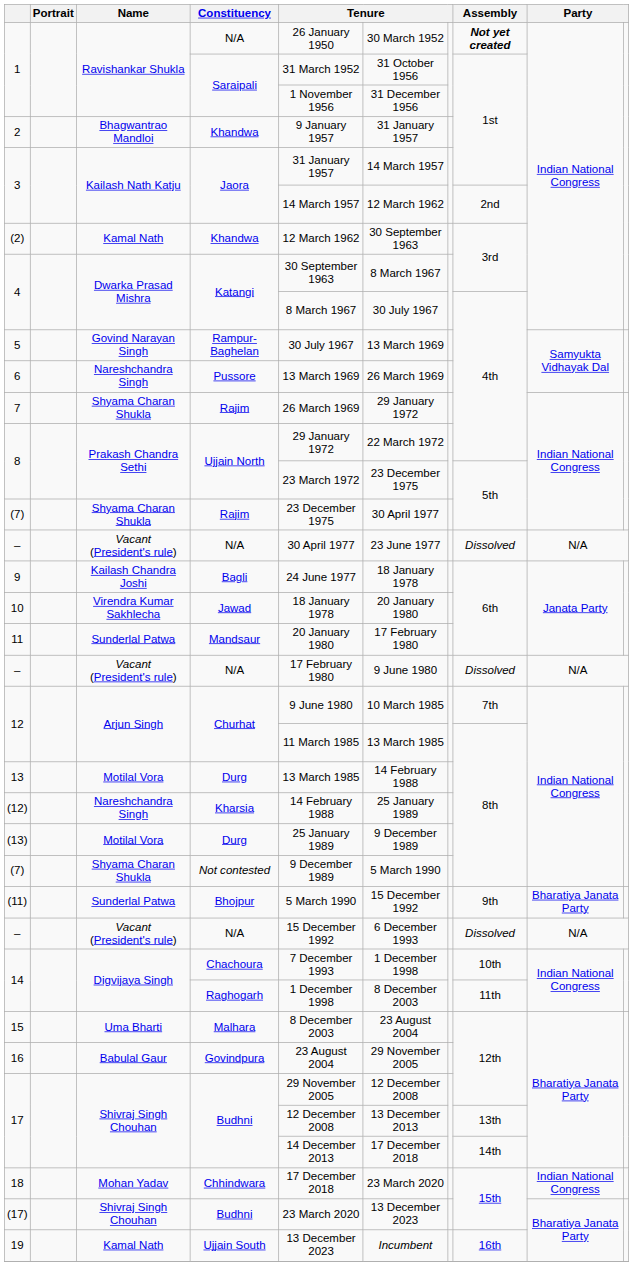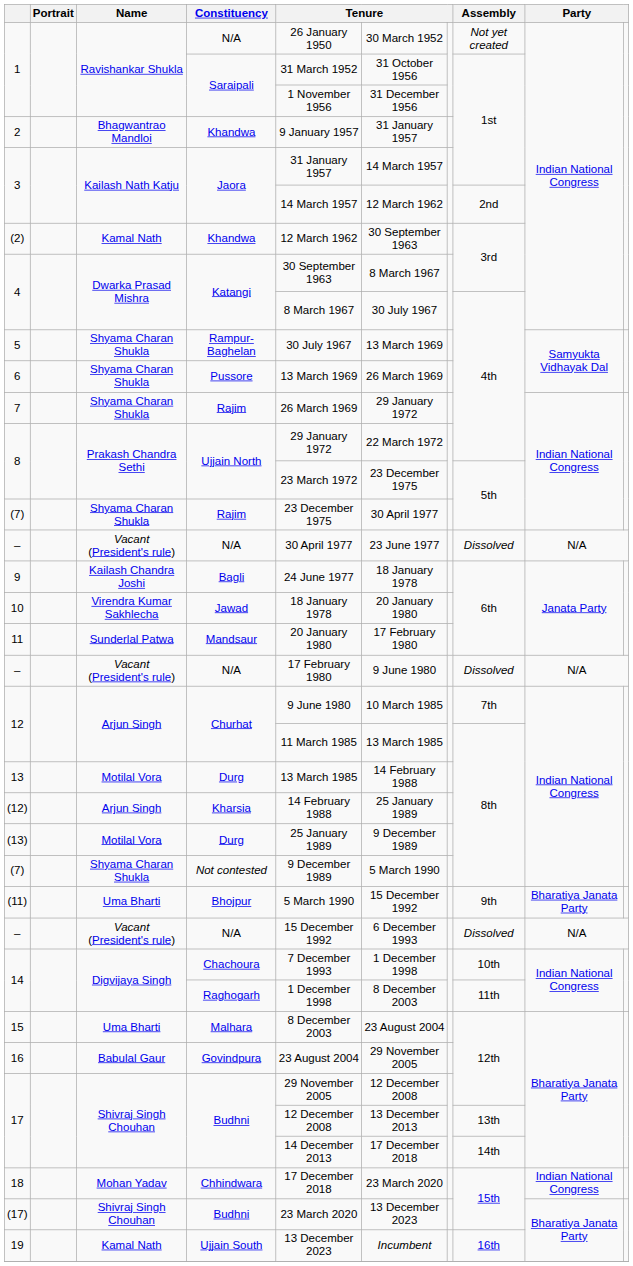 <table class="wikitable" style="text-align:center">
 <tr>
 <th></th>
 <th>Portrait</th>
 <th>Name</th>
 <th><a href='#'>Constituency</a></th>
 <th colspan="3">Tenure</th>
 <th [Madhya Pradesh Legislative Assembly>Assembly<br></th>
 <th colspan="2">Party</th>
 </tr>
 <tr>
 <td rowspan="3">1</td>
 <td rowspan="3"></td>
 <td rowspan="3"><a href='#'>Ravishankar Shukla</a></td>
 <td>N/A</td>
 <td>26 January 1950</td>
 <td>30 March 1952</td>
 <td rowspan="3"></td>
-<td><strong><em>Not yet created</em></strong></td>
+<td><em>Not yet created</em></td>
 <td rowspan="9"><a href='#'>Indian National Congress</a></td>
 <td rowspan="9" style="background-color: "></td>
 </tr>
 <tr>
 <td rowspan="2"><a href='#'>Saraipali</a></td>
 <td>31 March 1952</td>
 <td>31 October 1956</td>
 <td rowspan="4">1st<br></td>
 </tr>
 <tr>
 <td>1 November 1956</td>
 <td>31 December 1956</td>
 </tr>
 <tr>
 <td>2</td>
 <td align=center></td>
 <td><a href='#'>Bhagwantrao Mandloi</a></td>
 <td><a href='#'>Khandwa</a></td>
 <td>9 January 1957</td>
 <td>31 January 1957</td>
 <td></td>
 </tr>
 <tr>
 <td rowspan="2" scope="rowgroup">3</td>
 <td rowspan="2"></td>
 <td rowspan="2"><a href='#'>Kailash Nath Katju</a></td>
 <td rowspan="2"><a href='#'>Jaora</a></td>
 <td style="height: 45px;">31 January 1957</td>
 <td>14 March 1957</td>
 <td rowspan="2"></td>
 </tr>
 <tr>
 <td style="height: 45px;">14 March 1957</td>
 <td>12 March 1962</td>
 <td>2nd<br></td>
 </tr>
 <tr>
 <td>(2)</td>
 <td align=center></td>
 <td><a href='#'>Kamal Nath</a></td>
 <td><a href='#'>Khandwa</a></td>
 <td>12 March 1962</td>
 <td>30 September 1963</td>
 <td></td>
 <td rowspan="2">3rd<br></td>
 </tr>
 <tr>
 <td rowspan="2" scope="rowgroup">4</td>
 <td rowspan="2"></td>
 <td rowspan="2"><a href='#'>Dwarka Prasad Mishra</a></td>
 <td rowspan="2"><a href='#'>Katangi</a></td>
 <td style="height: 45px;">30 September 1963</td>
 <td>8 March 1967</td>
 <td rowspan="2"></td>
 </tr>
 <tr>
 <td style="height: 45px;">8 March 1967</td>
 <td>30 July 1967</td>
 <td rowspan="5">4th<br></td>
 </tr>
 <tr>
 <td>5</td>
 <td align=center></td>
-<td><a href='#'>Govind Narayan Singh</a></td>
+<td><a href='#'>Shyama Charan Shukla</a></td>
 <td><a href='#'>Rampur-Baghelan</a></td>
 <td>30 July 1967</td>
 <td>13 March 1969</td>
 <td></td>
 <td rowspan="2"><a href='#'>Samyukta Vidhayak Dal</a></td>
 <td rowspan="2" style="background-color: "></td>
 </tr>
 <tr>
 <td>6</td>
 <td align=center></td>
-<td><a href='#'>Nareshchandra Singh</a></td>
+<td><a href='#'>Shyama Charan Shukla</a></td>
 <td><a href='#'>Pussore</a></td>
 <td>13 March 1969</td>
 <td>26 March 1969</td>
 <td></td>
 </tr>
 <tr>
 <td>7</td>
 <td></td>
 <td><a href='#'>Shyama Charan Shukla</a></td>
 <td><a href='#'>Rajim</a></td>
 <td>26 March 1969</td>
 <td>29 January 1972</td>
 <td></td>
 <td rowspan="4"><a href='#'>Indian National Congress</a></td>
 <td rowspan="4" style="background-color: "></td>
 </tr>
 <tr>
 <td rowspan="2" scope="rowgroup">8</td>
 <td rowspan="2" align=center></td>
 <td rowspan="2"><a href='#'>Prakash Chandra Sethi</a></td>
 <td rowspan="2"><a href='#'>Ujjain North</a></td>
 <td style="height: 45px;">29 January 1972</td>
 <td>22 March 1972</td>
 <td rowspan="2"></td>
 </tr>
 <tr>
 <td style="height: 45px;">23 March 1972</td>
 <td>23 December 1975</td>
 <td rowspan="2">5th<br></td>
 </tr>
 <tr>
 <td>(7)</td>
 <td></td>
 <td><a href='#'>Shyama Charan Shukla</a></td>
 <td><a href='#'>Rajim</a></td>
 <td>23 December 1975</td>
 <td>30 April 1977</td>
 <td></td>
 </tr>
 <tr>
 <td>–</td>
 <td></td>
 <td><em>Vacant</em><br>(<a href='#'>President's rule</a>)</td>
 <td>N/A</td>
 <td>30 April 1977</td>
 <td>23 June 1977</td>
 <td></td>
 <td><em>Dissolved</em></td>
 <td colspan="2">N/A</td>
 </tr>
 <tr>
 <td>9</td>
 <td></td>
 <td><a href='#'>Kailash Chandra Joshi</a></td>
 <td><a href='#'>Bagli</a></td>
 <td>24 June 1977</td>
 <td>18 January 1978</td>
 <td></td>
 <td rowspan="3">6th<br></td>
 <td rowspan="3"><a href='#'>Janata Party</a></td>
 <td rowspan="3" style="background-color: "></td>
 </tr>
 <tr>
 <td>10</td>
 <td align=center></td>
 <td><a href='#'>Virendra Kumar Sakhlecha</a></td>
 <td><a href='#'>Jawad</a></td>
 <td>18 January 1978</td>
 <td>20 January 1980</td>
 <td></td>
 </tr>
 <tr>
 <td>11</td>
 <td></td>
 <td><a href='#'>Sunderlal Patwa</a></td>
 <td><a href='#'>Mandsaur</a></td>
 <td>20 January 1980</td>
 <td>17 February 1980</td>
 <td></td>
 </tr>
 <tr>
 <td>–</td>
 <td></td>
 <td><em>Vacant</em><br>(<a href='#'>President's rule</a>)</td>
 <td>N/A</td>
 <td>17 February 1980</td>
 <td>9 June 1980</td>
 <td></td>
 <td><em>Dissolved</em></td>
 <td colspan="2">N/A</td>
 </tr>
 <tr>
 <td rowspan="2">12</td>
 <td rowspan="2"></td>
 <td rowspan="2"><a href='#'>Arjun Singh</a></td>
 <td rowspan="2"><a href='#'>Churhat</a></td>
 <td style="height: 45px;">9 June 1980</td>
 <td>10 March 1985</td>
 <td rowspan="2"></td>
 <td>7th<br></td>
 <td rowspan="6"><a href='#'>Indian National Congress</a></td>
 <td rowspan="6" style="background-color: "></td>
 </tr>
 <tr>
 <td style="height: 45px;">11 March 1985</td>
 <td>13 March 1985</td>
 <td rowspan="5">8th<br></td>
 </tr>
 <tr>
 <td>13</td>
 <td></td>
 <td><a href='#'>Motilal Vora</a></td>
 <td><a href='#'>Durg</a></td>
 <td>13 March 1985</td>
 <td>14 February 1988</td>
 <td></td>
 </tr>
 <tr>
 <td>(12)</td>
 <td></td>
-<td><a href='#'>Nareshchandra Singh</a></td>
+<td><a href='#'>Arjun Singh</a></td>
 <td><a href='#'>Kharsia</a></td>
 <td>14 February 1988</td>
 <td>25 January 1989</td>
 <td></td>
 </tr>
 <tr>
 <td>(13)</td>
 <td></td>
 <td><a href='#'>Motilal Vora</a></td>
 <td><a href='#'>Durg</a></td>
 <td>25 January 1989</td>
 <td>9 December 1989</td>
 <td></td>
 </tr>
 <tr>
 <td>(7)</td>
 <td></td>
 <td><a href='#'>Shyama Charan Shukla</a></td>
 <td><em>Not contested</em></td>
 <td>9 December 1989</td>
 <td>5 March 1990</td>
 <td></td>
 </tr>
 <tr>
 <td>(11)</td>
 <td align=center></td>
-<td><a href='#'>Sunderlal Patwa</a></td>
+<td><a href='#'>Uma Bharti</a></td>
 <td><a href='#'>Bhojpur</a></td>
 <td>5 March 1990</td>
 <td>15 December 1992</td>
 <td></td>
 <td>9th<br></td>
 <td><a href='#'>Bharatiya Janata Party</a></td>
 <td style="background-color: "></td>
 </tr>
 <tr>
 <td>–</td>
 <td></td>
 <td><em>Vacant</em><br>(<a href='#'>President's rule</a>)</td>
 <td>N/A</td>
 <td>15 December 1992</td>
 <td>6 December 1993</td>
 <td></td>
 <td><em>Dissolved</em></td>
 <td colspan="2">N/A</td>
 </tr>
 <tr>
 <td rowspan="2">14</td>
 <td rowspan="2"></td>
 <td rowspan="2"><a href='#'>Digvijaya Singh</a></td>
 <td><a href='#'>Chachoura</a></td>
 <td>7 December 1993</td>
 <td>1 December 1998</td>
 <td rowspan="2"></td>
 <td>10th<br></td>
 <td rowspan="2"><a href='#'>Indian National Congress</a></td>
 <td rowspan="2" style="background-color: "></td>
 </tr>
 <tr>
 <td><a href='#'>Raghogarh</a></td>
 <td>1 December 1998</td>
 <td>8 December 2003</td>
 <td>11th<br></td>
 </tr>
 <tr>
 <td>15</td>
 <td></td>
 <td><a href='#'>Uma Bharti</a></td>
 <td><a href='#'>Malhara</a></td>
 <td>8 December 2003</td>
 <td>23 August 2004</td>
 <td></td>
 <td rowspan="3">12th<br></td>
 <td rowspan="5"><a href='#'>Bharatiya Janata Party</a></td>
 <td rowspan="5" style="background-color: "></td>
 </tr>
 <tr>
 <td>16</td>
 <td></td>
 <td><a href='#'>Babulal Gaur</a></td>
 <td><a href='#'>Govindpura</a></td>
 <td>23 August 2004</td>
 <td>29 November 2005</td>
 <td></td>
 </tr>
 <tr>
 <td rowspan="3">17</td>
 <td rowspan="3"></td>
 <td rowspan="3"><a href='#'>Shivraj Singh Chouhan</a></td>
 <td rowspan="3"><a href='#'>Budhni</a></td>
 <td>29 November 2005</td>
 <td>12 December 2008</td>
 <td rowspan="3"></td>
 </tr>
 <tr>
 <td>12 December 2008</td>
 <td>13 December 2013</td>
 <td>13th<br></td>
 </tr>
 <tr>
 <td>14 December 2013</td>
 <td>17 December 2018</td>
 <td>14th<br></td>
 </tr>
 <tr>
 <td>18</td>
 <td></td>
 <td><a href='#'>Mohan Yadav</a></td>
 <td><a href='#'>Chhindwara</a></td>
 <td>17 December 2018</td>
 <td>23 March 2020</td>
 <td></td>
 <td rowspan="2"><a href='#'>15th</a><br></td>
 <td><a href='#'>Indian National Congress</a></td>
 <td style="background-color:"></td>
 </tr>
 <tr>
 <td>(17)</td>
 <td></td>
 <td><a href='#'>Shivraj Singh Chouhan</a></td>
 <td><a href='#'>Budhni</a></td>
 <td>23 March 2020</td>
 <td>13 December 2023</td>
 <td></td>
 <td rowspan="2"><a href='#'>Bharatiya Janata Party</a></td>
 <td rowspan=2 style="background-color: "></td>
 </tr>
 <tr>
 <td>19</td>
 <td></td>
 <td><a href='#'>Kamal Nath</a></td>
 <td><a href='#'>Ujjain South</a></td>
 <td>13 December 2023</td>
 <td><em>Incumbent</em></td>
 <td></td>
 <td><a href='#'>16th</a><br></td>
 </tr>
 <tr>
 </tr>
 </table>
